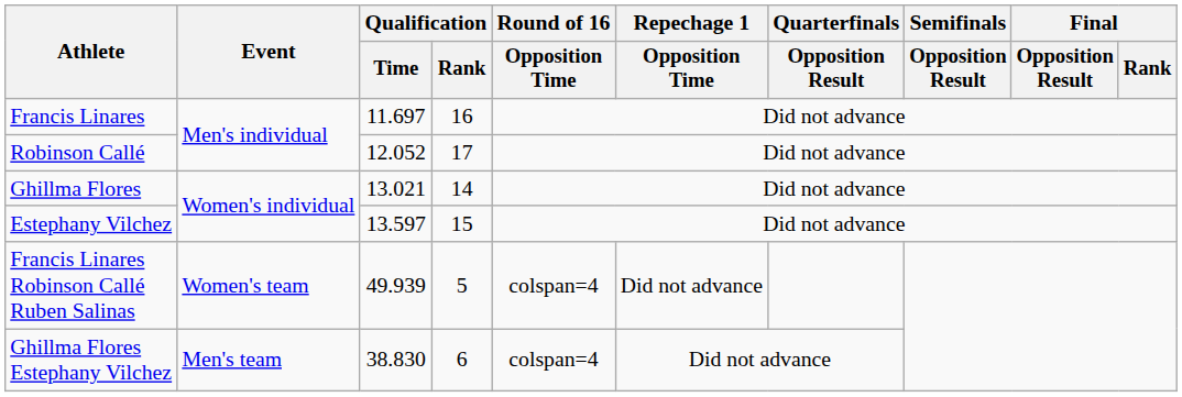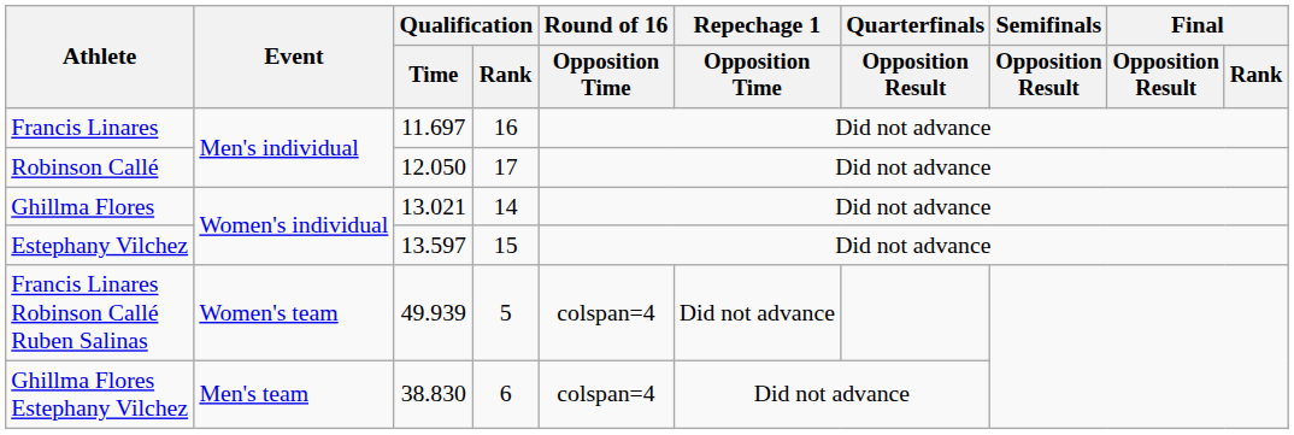 <table class="wikitable" style="font-size:90%;">
 <tr>
 <th rowspan=2>Athlete</th>
 <th rowspan=2>Event</th>
 <th colspan=2>Qualification</th>
 <th>Round of 16</th>
 <th>Repechage 1</th>
 <th>Quarterfinals</th>
 <th>Semifinals</th>
 <th colspan=2>Final</th>
 </tr>
 <tr style="font-size:95%">
 <th>Time</th>
 <th>Rank</th>
 <th>Opposition<br>Time</th>
 <th>Opposition<br>Time</th>
 <th>Opposition<br>Result</th>
 <th>Opposition<br>Result</th>
 <th>Opposition<br>Result</th>
 <th>Rank</th>
 </tr>
 <tr style="text-align:center">
 <td style="text-align:left"><a href='#'>Francis Linares</a></td>
 <td style="text-align:left" rowspan=2><a href='#'>Men's individual</a></td>
 <td>11.697</td>
 <td>16</td>
 <td colspan=6>Did not advance</td>
 </tr>
 <tr style="text-align:center">
 <td style="text-align:left"><a href='#'>Robinson Callé</a></td>
-<td>12.052</td>
+<td>12.050</td>
 <td>17</td>
 <td colspan=6>Did not advance</td>
 </tr>
 <tr style="text-align:center">
 <td style="text-align:left"><a href='#'>Ghillma Flores</a></td>
 <td style="text-align:left" rowspan=2><a href='#'>Women's individual</a></td>
 <td>13.021</td>
 <td>14</td>
 <td colspan=6>Did not advance</td>
 </tr>
 <tr style="text-align:center">
 <td style="text-align:left"><a href='#'>Estephany Vilchez</a></td>
 <td>13.597</td>
 <td>15</td>
 <td colspan=6>Did not advance</td>
 </tr>
 <tr style="text-align:center">
 <td style="text-align:left"><a href='#'>Francis Linares</a><br><a href='#'>Robinson Callé</a><br><a href='#'>Ruben Salinas</a></td>
 <td style="text-align:left"><a href='#'>Women's team</a></td>
 <td>49.939</td>
 <td>5</td>
 <td>colspan=4 </td>
 <td>Did not advance</td>
 <td> </td>
 </tr>
 <tr style="text-align:center">
 <td style="text-align:left"><a href='#'>Ghillma Flores</a><br><a href='#'>Estephany Vilchez</a></td>
 <td style="text-align:left"><a href='#'>Men's team</a></td>
 <td>38.830</td>
 <td>6</td>
 <td>colspan=4 </td>
 <td colspan=2>Did not advance</td>
 </tr>
 </table>
